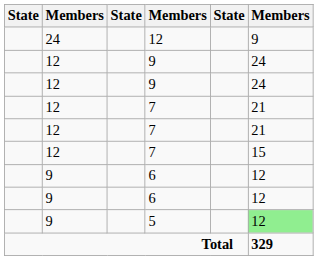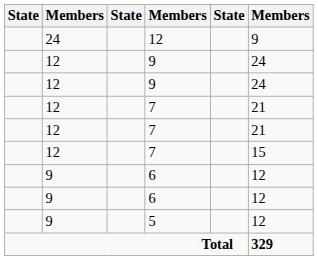 <table class="wikitable">
 <tr>
 <th>State</th>
 <th>Members</th>
 <th>State</th>
 <th>Members</th>
 <th>State</th>
 <th>Members</th>
 </tr>
 <tr>
 <td></td>
 <td>24</td>
 <td></td>
 <td>12</td>
 <td></td>
 <td>9</td>
 </tr>
 <tr>
 <td></td>
 <td>12</td>
 <td></td>
 <td>9</td>
 <td></td>
 <td>24</td>
 </tr>
 <tr>
 <td></td>
 <td>12</td>
 <td></td>
 <td>9</td>
 <td></td>
 <td>24</td>
 </tr>
 <tr>
 <td></td>
 <td>12</td>
 <td></td>
 <td>7</td>
 <td></td>
 <td>21</td>
 </tr>
 <tr>
 <td></td>
 <td>12</td>
 <td></td>
 <td>7</td>
 <td></td>
 <td>21</td>
 </tr>
 <tr>
 <td></td>
 <td>12</td>
 <td></td>
 <td>7</td>
 <td></td>
 <td>15</td>
 </tr>
 <tr>
 <td></td>
 <td>9</td>
 <td></td>
 <td>6</td>
 <td></td>
 <td>12</td>
 </tr>
 <tr>
 <td></td>
 <td>9</td>
 <td></td>
 <td>6</td>
 <td></td>
 <td>12</td>
 </tr>
 <tr>
 <td></td>
 <td>9</td>
 <td></td>
 <td>5</td>
 <td></td>
-<td style="background: lightgreen;">12</td>
+<td>12</td>
 </tr>
 <tr style="font-weight: bold;">
 <td colspan="5" style="text-align: right; padding-right: 1em;">Total</td>
 <td>329</td>
 </tr>
 </table>
